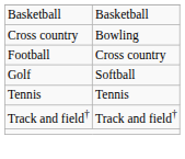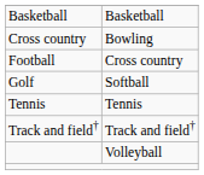 <table class="wikitable">
 <tr>
 </tr>
 <tr>
 <td>Basketball</td>
 <td>Basketball</td>
 </tr>
 <tr>
 <td>Cross country</td>
 <td>Bowling</td>
 </tr>
 <tr>
 <td>Football</td>
 <td>Cross country</td>
 </tr>
 <tr>
 <td>Golf</td>
 <td>Softball</td>
 </tr>
 <tr>
 <td>Tennis</td>
 <td>Tennis</td>
 </tr>
 <tr>
 <td>Track and field<sup>†</sup></td>
 <td>Track and field<sup>†</sup></td>
 </tr>
 <tr>
+<td></td>
+<td>Volleyball</td>
+</tr>
+<tr>
 <td colspan="2"></td>
 </tr>
 </table>
